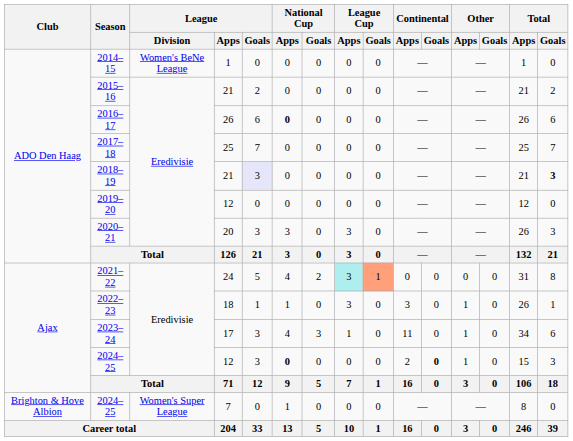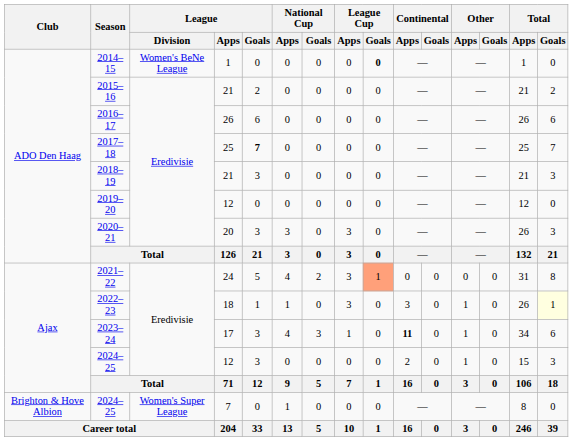 <table class="wikitable" style="text-align: center;">
 <tr>
 <th rowspan="2">Club</th>
 <th rowspan="2">Season</th>
 <th colspan="3">League</th>
 <th colspan="2">National Cup</th>
 <th colspan="2">League Cup</th>
 <th colspan="2">Continental</th>
 <th colspan="2">Other</th>
 <th colspan="2">Total</th>
 </tr>
 <tr>
 <th>Division</th>
 <th>Apps</th>
 <th>Goals</th>
 <th>Apps</th>
 <th>Goals</th>
 <th>Apps</th>
 <th>Goals</th>
 <th>Apps</th>
 <th>Goals</th>
 <th>Apps</th>
 <th>Goals</th>
 <th>Apps</th>
 <th>Goals</th>
 </tr>
 <tr>
 <td rowspan=8><a href='#'>ADO Den Haag</a></td>
 <td><a href='#'>2014–15</a></td>
 <td><a href='#'>Women's BeNe League</a></td>
 <td>1</td>
 <td>0</td>
 <td>0</td>
 <td>0</td>
 <td>0</td>
-<td>0</td>
+<td><strong>0</strong></td>
 <td colspan="2">—</td>
 <td colspan="2">—</td>
 <td>1</td>
 <td>0</td>
 </tr>
 <tr>
 <td><a href='#'>2015–16</a></td>
 <td rowspan=6><a href='#'>Eredivisie</a></td>
 <td>21</td>
 <td>2</td>
 <td>0</td>
 <td>0</td>
 <td>0</td>
 <td>0</td>
 <td colspan="2">—</td>
 <td colspan="2">—</td>
 <td>21</td>
 <td>2</td>
 </tr>
 <tr>
 <td><a href='#'>2016–17</a></td>
 <td>26</td>
 <td>6</td>
-<td><strong>0</strong></td>
+<td>0</td>
 <td>0</td>
 <td>0</td>
 <td>0</td>
 <td colspan="2">—</td>
 <td colspan="2">—</td>
 <td>26</td>
 <td>6</td>
 </tr>
 <tr>
 <td><a href='#'>2017–18</a></td>
 <td>25</td>
-<td>7</td>
+<td><strong>7</strong></td>
 <td>0</td>
 <td>0</td>
 <td>0</td>
 <td>0</td>
 <td colspan="2">—</td>
 <td colspan="2">—</td>
 <td>25</td>
 <td>7</td>
 </tr>
 <tr>
 <td><a href='#'>2018–19</a></td>
 <td>21</td>
-<td style="background: lavender;">3</td>
+<td>3</td>
 <td>0</td>
 <td>0</td>
 <td>0</td>
 <td>0</td>
 <td colspan="2">—</td>
 <td colspan="2">—</td>
 <td>21</td>
-<td><strong>3</strong></td>
+<td>3</td>
 </tr>
 <tr>
 <td><a href='#'>2019–20</a></td>
 <td>12</td>
 <td>0</td>
 <td>0</td>
 <td>0</td>
 <td>0</td>
 <td>0</td>
 <td colspan="2">—</td>
 <td colspan="2">—</td>
 <td>12</td>
 <td>0</td>
 </tr>
 <tr>
 <td><a href='#'>2020–21</a></td>
 <td>20</td>
 <td>3</td>
 <td>3</td>
 <td>0</td>
 <td>3</td>
 <td>0</td>
 <td colspan="2">—</td>
 <td colspan="2">—</td>
 <td>26</td>
 <td>3</td>
 </tr>
 <tr>
 <th colspan="2">Total</th>
 <th>126</th>
 <th>21</th>
 <th>3</th>
 <th>0</th>
 <th>3</th>
 <th>0</th>
 <th colspan="2">—</th>
 <th colspan="2">—</th>
 <th>132</th>
 <th>21</th>
 </tr>
 <tr>
 <td rowspan=5><a href='#'>Ajax</a></td>
 <td><a href='#'>2021–22</a></td>
 <td rowspan=4>Eredivisie</td>
 <td>24</td>
 <td>5</td>
 <td>4</td>
 <td>2</td>
-<td style="background: paleturquoise;">3</td>
+<td>3</td>
 <td style="background: lightsalmon;">1</td>
 <td>0</td>
 <td>0</td>
 <td>0</td>
 <td>0</td>
 <td>31</td>
 <td>8</td>
 </tr>
 <tr>
 <td><a href='#'>2022–23</a></td>
 <td>18</td>
 <td>1</td>
 <td>1</td>
 <td>0</td>
 <td>3</td>
 <td>0</td>
 <td>3</td>
 <td>0</td>
 <td>1</td>
 <td>0</td>
 <td>26</td>
-<td>1</td>
+<td style="background: lightyellow;">1</td>
 </tr>
 <tr>
 <td><a href='#'>2023–24</a></td>
 <td>17</td>
 <td>3</td>
 <td>4</td>
 <td>3</td>
 <td>1</td>
 <td>0</td>
-<td>11</td>
+<td><strong>11</strong></td>
 <td>0</td>
 <td>1</td>
 <td>0</td>
 <td>34</td>
 <td>6</td>
 </tr>
 <tr>
 <td><a href='#'>2024–25</a></td>
 <td>12</td>
 <td>3</td>
-<td><strong>0</strong></td>
+<td>0</td>
 <td>0</td>
 <td>0</td>
 <td>0</td>
 <td>2</td>
-<td><strong>0</strong></td>
+<td>0</td>
 <td>1</td>
 <td>0</td>
 <td>15</td>
 <td>3</td>
 </tr>
 <tr>
 <th colspan="2">Total</th>
 <th>71</th>
 <th>12</th>
 <th>9</th>
 <th>5</th>
 <th>7</th>
 <th>1</th>
 <th>16</th>
 <th>0</th>
 <th>3</th>
 <th>0</th>
 <th>106</th>
 <th>18</th>
 </tr>
 <tr>
 <td><a href='#'>Brighton & Hove Albion</a></td>
 <td><a href='#'>2024–25</a></td>
 <td><a href='#'>Women's Super League</a></td>
 <td>7</td>
 <td>0</td>
 <td>1</td>
 <td>0</td>
 <td>0</td>
 <td>0</td>
 <td colspan="2">—</td>
 <td colspan="2">—</td>
 <td>8</td>
 <td>0</td>
 </tr>
 <tr>
 <th colspan="3">Career total</th>
 <th>204</th>
 <th>33</th>
 <th>13</th>
 <th>5</th>
 <th>10</th>
 <th>1</th>
 <th>16</th>
 <th>0</th>
 <th>3</th>
 <th>0</th>
 <th>246</th>
 <th>39</th>
 </tr>
 </table>
